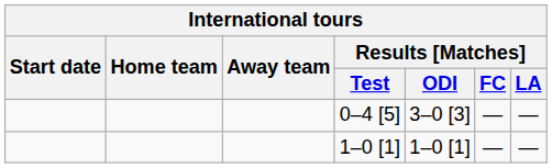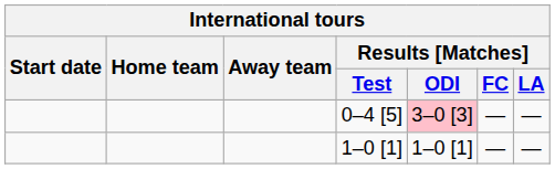 <table class="wikitable">
 <tr>
 <th colspan="7">International tours</th>
 </tr>
 <tr>
 <th rowspan="2">Start date</th>
 <th rowspan="2">Home team</th>
 <th rowspan="2">Away team</th>
 <th colspan="4">Results [Matches]</th>
 </tr>
 <tr>
 <th><a href='#'>Test</a></th>
 <th><a href='#'>ODI</a></th>
 <th><a href='#'>FC</a></th>
 <th><a href='#'>LA</a></th>
 </tr>
 <tr>
 <td><a href='#'></a></td>
 <td></td>
 <td></td>
 <td>0–4 [5]</td>
-<td>3–0 [3]</td>
+<td style="background: pink;">3–0 [3]</td>
 <td ; style="text-align:center">—</td>
 <td ; style="text-align:center">—</td>
 </tr>
 <tr>
 <td><a href='#'></a></td>
 <td></td>
 <td></td>
 <td>1–0 [1]</td>
 <td>1–0 [1]</td>
 <td ; style="text-align:center">—</td>
 <td ; style="text-align:center">—</td>
 </tr>
 </table>
